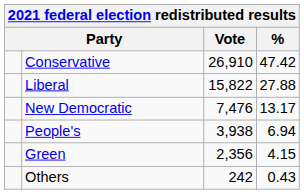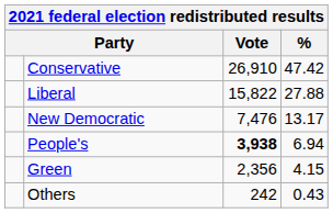 <table class="wikitable">
 <tr>
 <th colspan="4"><a href='#'>2021 federal election</a> redistributed results</th>
 </tr>
 <tr>
 <th bgcolor="#DDDDFF" width="130px" colspan="2">Party</th>
 <th bgcolor="#DDDDFF" width="50px">Vote</th>
 <th bgcolor="#DDDDFF" width="30px">%</th>
 </tr>
 <tr>
 <td> </td>
 <td><a href='#'>Conservative</a></td>
 <td align=right>26,910</td>
 <td align=right>47.42</td>
 </tr>
 <tr>
 <td> </td>
 <td><a href='#'>Liberal</a></td>
 <td align=right>15,822</td>
 <td align=right>27.88</td>
 </tr>
 <tr>
 <td> </td>
 <td><a href='#'>New Democratic</a></td>
 <td align=right>7,476</td>
 <td align=right>13.17</td>
 </tr>
 <tr>
 <td> </td>
 <td><a href='#'>People's</a></td>
-<td align=right>3,938</td>
+<td align=right><strong>3,938</strong></td>
 <td align=right>6.94</td>
 </tr>
 <tr>
 <td> </td>
 <td><a href='#'>Green</a></td>
 <td align=right>2,356</td>
 <td align=right>4.15</td>
 </tr>
 <tr>
 <td> </td>
 <td>Others</td>
 <td align=right>242</td>
 <td align=right>0.43</td>
 </tr>
 </table>
